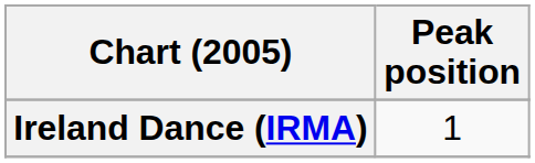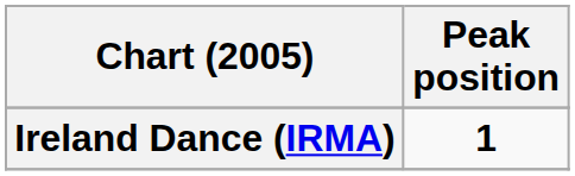 <table class="wikitable sortable plainrowheaders" style="text-align:center">
 <tr>
 <th>Chart (2005)</th>
 <th>Peak<br>position</th>
 </tr>
 <tr>
 </tr>
 <tr>
 </tr>
 <tr>
 </tr>
 <tr>
 </tr>
 <tr>
 </tr>
 <tr>
 <th scope="row">Ireland Dance (<a href='#'>IRMA</a>)</th>
-<td>1</td>
+<td><strong>1</strong></td>
 </tr>
 <tr>
 </tr>
 <tr>
 </tr>
 <tr>
 </tr>
 <tr>
 </tr>
 <tr>
 </tr>
 <tr>
 </tr>
 </table>
